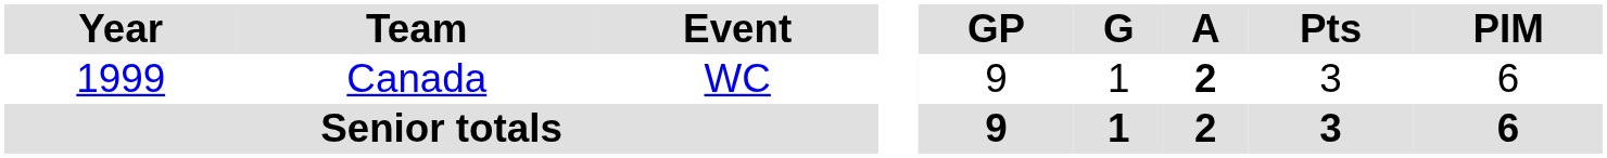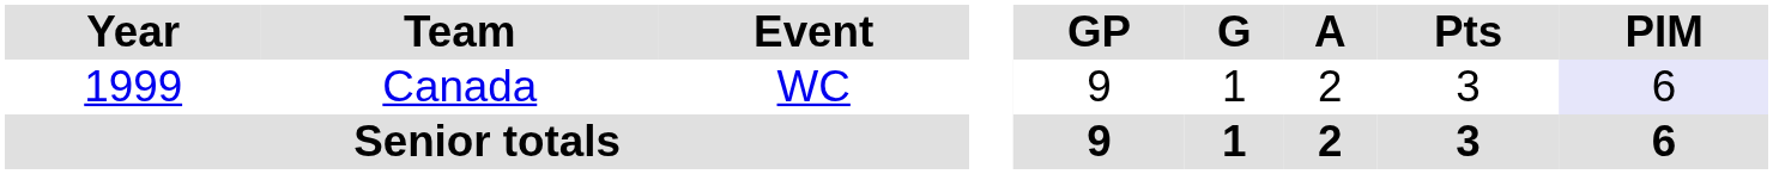 <table border="0" cellpadding="1" cellspacing="0" style="text-align:center; width:40em;">
 <tr ALIGN="center" bgcolor="#e0e0e0">
 <th>Year</th>
 <th>Team</th>
 <th>Event</th>
 <th ALIGN="center" rowspan="99" bgcolor="#ffffff"> </th>
 <th>GP</th>
 <th>G</th>
 <th>A</th>
 <th>Pts</th>
 <th>PIM</th>
 </tr>
 <tr ALIGN="center">
 <td><a href='#'>1999</a></td>
 <td><a href='#'>Canada</a></td>
 <td><a href='#'>WC</a></td>
 <td>9</td>
 <td>1</td>
-<td><strong>2</strong></td>
+<td>2</td>
 <td>3</td>
-<td>6</td>
+<td style="background: lavender;">6</td>
 </tr>
 <tr ALIGN="center" bgcolor="#e0e0e0">
 <th colspan="3">Senior totals</th>
 <th>9</th>
 <th>1</th>
 <th>2</th>
 <th>3</th>
 <th>6</th>
 </tr>
 </table>
